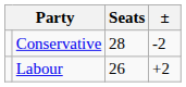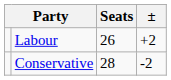 <table class="wikitable">
 <tr>
 <th colspan="2">Party</th>
 <th>Seats</th>
 <th>  ±  </th>
 </tr>
 <tr>
 <td style="background-color: "></td>
+<td><a href='#'>Labour</a></td>
+<td>26</td>
+<td>+2</td>
+</tr>
+<tr>
+<td style="background-color: "></td>
 <td><a href='#'>Conservative</a></td>
 <td>28</td>
 <td>-2</td>
 </tr>
-<tr>
-<td style="background-color: "></td>
-<td><a href='#'>Labour</a></td>
-<td>26</td>
-<td>+2</td>
-</tr>
 </table>
